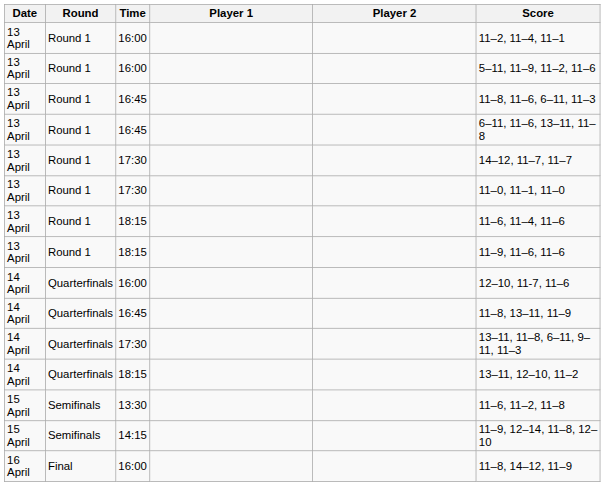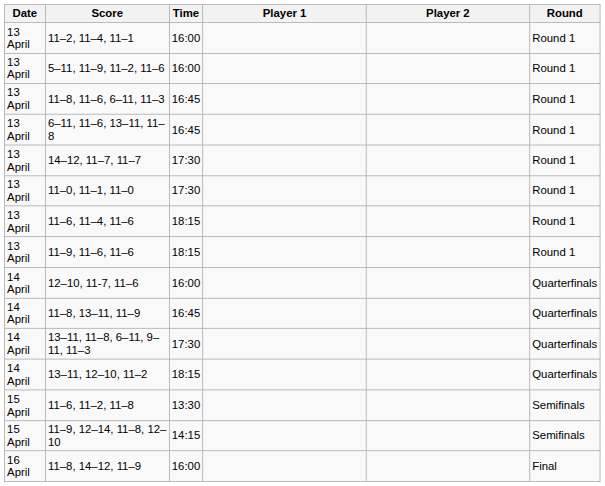 <table class="sortable wikitable" style="font-size:90%">
 <tr>
 <th width="45" class="unsortable">Date</th>
-<th width="55">Round</th>
+<th width="150" class="unsortable">Score</th>
 <th width="30">Time</th>
 <th width="200">Player 1</th>
 <th width="200">Player 2</th>
-<th width="150" class="unsortable">Score</th>
+<th width="55">Round</th>
 </tr>
 <tr>
 <td>13 April</td>
-<td>Round 1</td>
+<td>11–2, 11–4, 11–1</td>
 <td>16:00</td>
 <td><strong></strong></td>
 <td></td>
-<td>11–2, 11–4, 11–1</td>
+<td>Round 1</td>
 </tr>
 <tr>
 <td>13 April</td>
-<td>Round 1</td>
+<td>5–11, 11–9, 11–2, 11–6</td>
 <td>16:00</td>
 <td></td>
 <td><strong></strong></td>
-<td>5–11, 11–9, 11–2, 11–6</td>
+<td>Round 1</td>
 </tr>
 <tr>
 <td>13 April</td>
-<td>Round 1</td>
+<td>11–8, 11–6, 6–11, 11–3</td>
 <td>16:45</td>
 <td><strong></strong></td>
 <td></td>
-<td>11–8, 11–6, 6–11, 11–3</td>
+<td>Round 1</td>
 </tr>
 <tr>
 <td>13 April</td>
-<td>Round 1</td>
+<td>6–11, 11–6, 13–11, 11–8</td>
 <td>16:45</td>
 <td><strong></strong></td>
 <td></td>
-<td>6–11, 11–6, 13–11, 11–8</td>
+<td>Round 1</td>
 </tr>
 <tr>
 <td>13 April</td>
-<td>Round 1</td>
+<td>14–12, 11–7, 11–7</td>
 <td>17:30</td>
 <td><strong></strong></td>
 <td></td>
-<td>14–12, 11–7, 11–7</td>
+<td>Round 1</td>
 </tr>
 <tr>
 <td>13 April</td>
-<td>Round 1</td>
+<td>11–0, 11–1, 11–0</td>
 <td>17:30</td>
 <td></td>
 <td><strong></strong></td>
-<td>11–0, 11–1, 11–0</td>
+<td>Round 1</td>
 </tr>
 <tr>
 <td>13 April</td>
-<td>Round 1</td>
+<td>11–6, 11–4, 11–6</td>
 <td>18:15</td>
 <td><strong></strong></td>
 <td></td>
-<td>11–6, 11–4, 11–6</td>
+<td>Round 1</td>
 </tr>
 <tr>
 <td>13 April</td>
-<td>Round 1</td>
+<td>11–9, 11–6, 11–6</td>
 <td>18:15</td>
 <td><strong></strong></td>
 <td></td>
-<td>11–9, 11–6, 11–6</td>
+<td>Round 1</td>
 </tr>
 <tr>
 <td>14 April</td>
-<td>Quarterfinals</td>
+<td>12–10, 11-7, 11–6</td>
 <td>16:00</td>
 <td><strong></strong></td>
 <td></td>
-<td>12–10, 11-7, 11–6</td>
+<td>Quarterfinals</td>
 </tr>
 <tr>
 <td>14 April</td>
-<td>Quarterfinals</td>
+<td>11–8, 13–11, 11–9</td>
 <td>16:45</td>
 <td><strong></strong></td>
 <td></td>
-<td>11–8, 13–11, 11–9</td>
+<td>Quarterfinals</td>
 </tr>
 <tr>
 <td>14 April</td>
-<td>Quarterfinals</td>
+<td>13–11, 11–8, 6–11, 9–11, 11–3</td>
 <td>17:30</td>
 <td><strong></strong></td>
 <td></td>
-<td>13–11, 11–8, 6–11, 9–11, 11–3</td>
+<td>Quarterfinals</td>
 </tr>
 <tr>
 <td>14 April</td>
-<td>Quarterfinals</td>
+<td>13–11, 12–10, 11–2</td>
 <td>18:15</td>
 <td></td>
 <td><strong></strong></td>
-<td>13–11, 12–10, 11–2</td>
+<td>Quarterfinals</td>
 </tr>
 <tr>
 <td>15 April</td>
-<td>Semifinals</td>
+<td>11–6, 11–2, 11–8</td>
 <td>13:30</td>
 <td><strong></strong></td>
 <td></td>
-<td>11–6, 11–2, 11–8</td>
+<td>Semifinals</td>
 </tr>
 <tr>
 <td>15 April</td>
-<td>Semifinals</td>
+<td>11–9, 12–14, 11–8, 12–10</td>
 <td>14:15</td>
 <td></td>
 <td><strong></strong></td>
-<td>11–9, 12–14, 11–8, 12–10</td>
+<td>Semifinals</td>
 </tr>
 <tr>
 <td>16 April</td>
-<td>Final</td>
+<td>11–8, 14–12, 11–9</td>
 <td>16:00</td>
 <td><strong></strong></td>
 <td></td>
-<td>11–8, 14–12, 11–9</td>
+<td>Final</td>
 </tr>
 </table>
